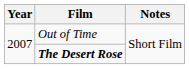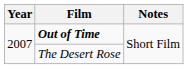 <table class="wikitable sortable">
 <tr>
 <th>Year</th>
 <th>Film</th>
 <th>Notes</th>
 </tr>
 <tr>
 <td rowspan="2">2007</td>
-<td><em>Out of Time</em></td>
+<td><strong><em>Out of Time</em></strong></td>
 <td rowspan="2">Short Film</td>
 </tr>
 <tr>
-<td><strong><em>The Desert Rose</em></strong></td>
+<td><em>The Desert Rose</em></td>
 </tr>
 </table>
